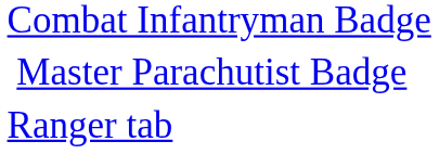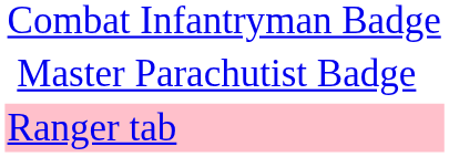 <table>
 <tr>
 <td> <a href='#'>Combat Infantryman Badge</a></td>
 </tr>
 <tr>
 <td> <a href='#'>Master Parachutist Badge</a></td>
 </tr>
 <tr>
-<td> <a href='#'>Ranger tab</a></td>
+<td style="background: pink;"> <a href='#'>Ranger tab</a></td>
 </tr>
 </table>
